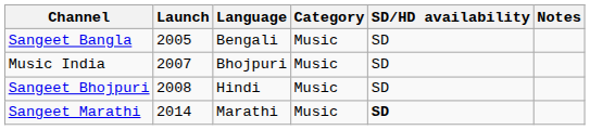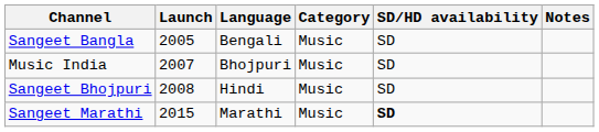 <table class="wikitable" style="text-align:middle;">
 <tr>
 <th>Channel</th>
 <th>Launch</th>
 <th>Language</th>
 <th>Category</th>
 <th>SD/HD availability</th>
 <th>Notes</th>
 </tr>
 <tr>
 <td><a href='#'>Sangeet Bangla</a></td>
 <td>2005</td>
 <td>Bengali</td>
 <td>Music</td>
 <td>SD</td>
 <td></td>
 </tr>
 <tr>
 <td>Music India</td>
 <td>2007</td>
 <td>Bhojpuri</td>
 <td>Music</td>
 <td>SD</td>
 <td></td>
 </tr>
 <tr>
 <td><a href='#'>Sangeet Bhojpuri</a></td>
 <td>2008</td>
 <td>Hindi</td>
 <td>Music</td>
 <td>SD</td>
 <td></td>
 </tr>
 <tr>
 <td><a href='#'>Sangeet Marathi</a></td>
-<td>2014</td>
+<td>2015</td>
 <td>Marathi</td>
 <td>Music</td>
 <td><strong>SD</strong></td>
 <td></td>
 </tr>
 </table>
